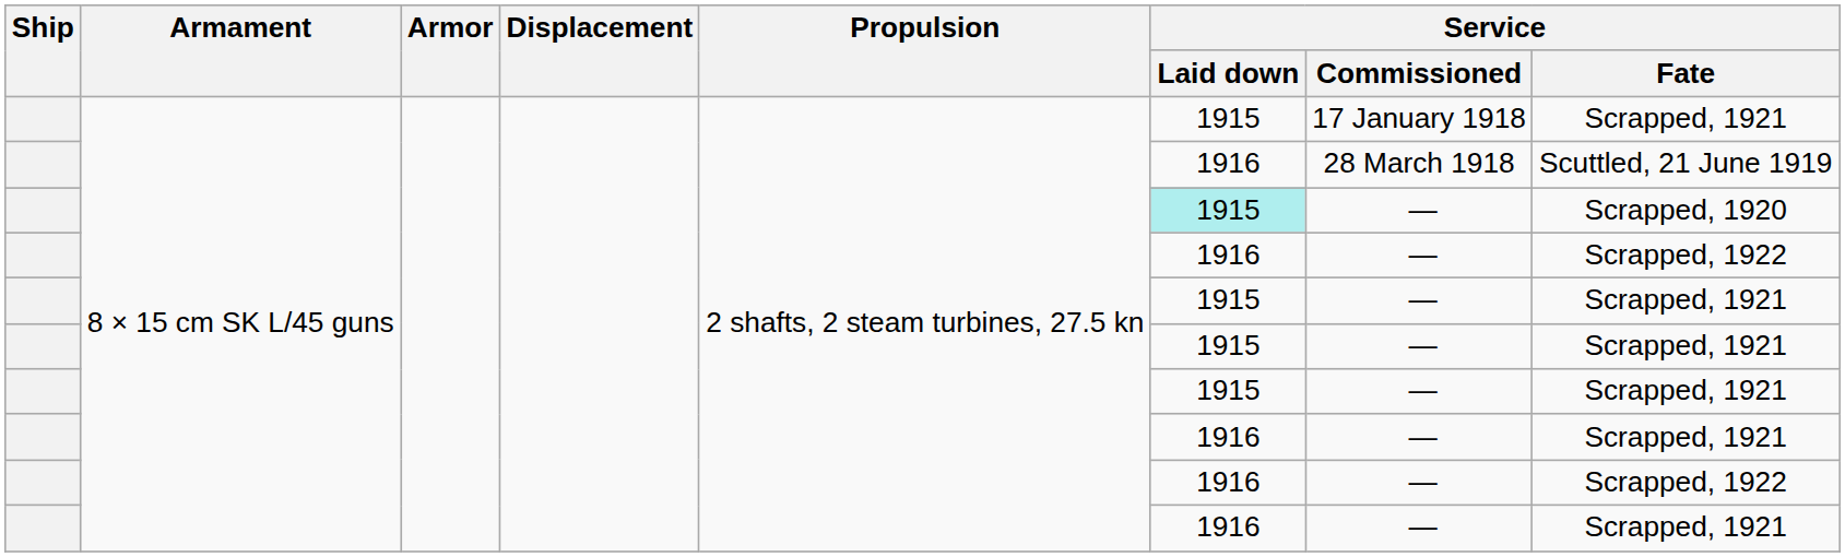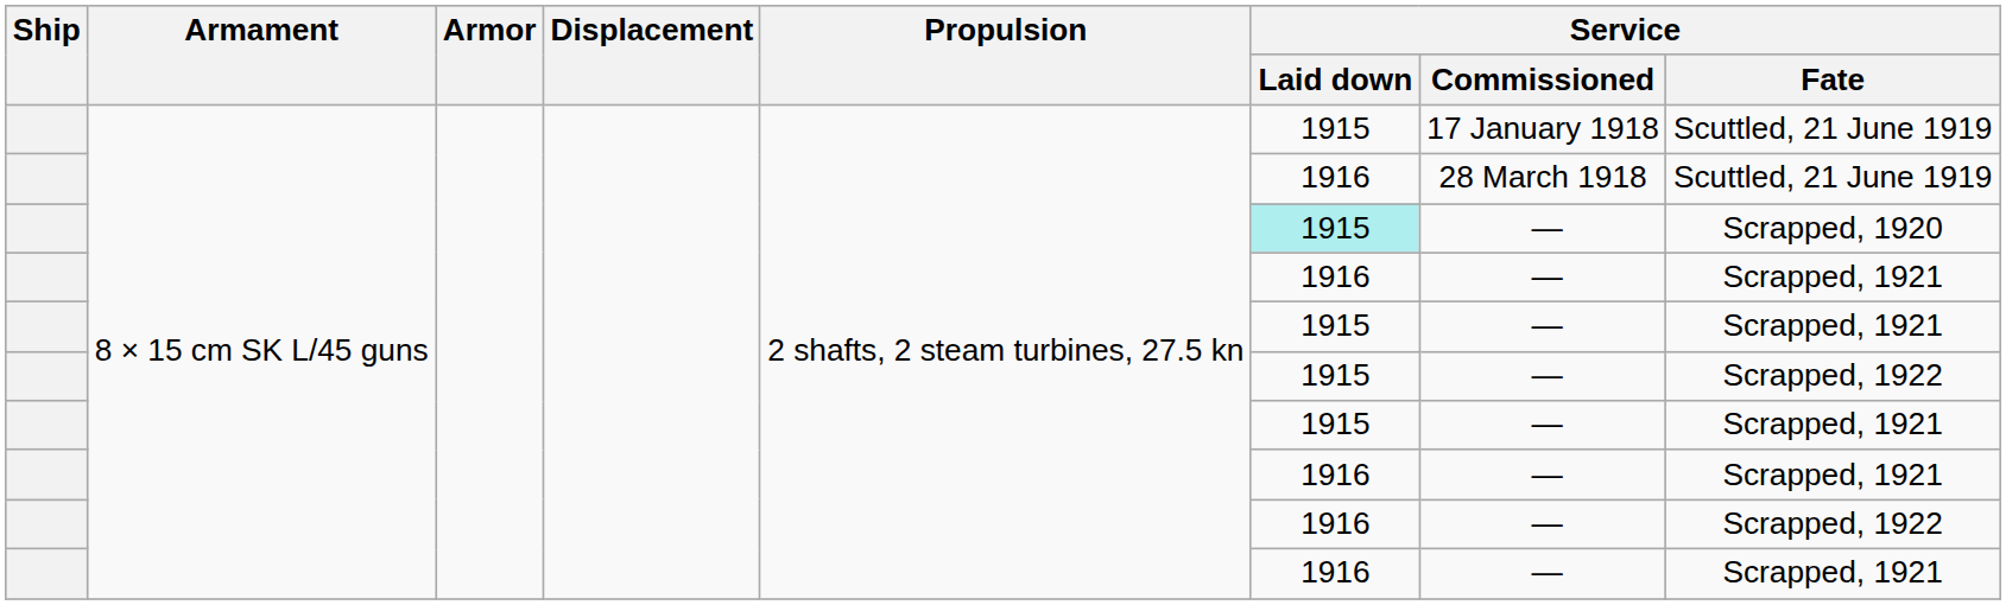 <table class="wikitable plainrowheaders" style="text-align: center;">
 <tr valign="top">
 <th scope="col" rowspan="2">Ship</th>
 <th scope="col" rowspan="2">Armament</th>
 <th scope="col" rowspan="2">Armor</th>
 <th scope="col" rowspan="2">Displacement</th>
 <th scope="col" rowspan="2">Propulsion</th>
 <th scope="col" colspan="3">Service</th>
 </tr>
 <tr valign="top">
 <th scope="col">Laid down</th>
 <th scope="col">Commissioned</th>
 <th scope="col">Fate</th>
 </tr>
 <tr valign="center">
 <th scope="row"></th>
 <td rowspan="10">8 × 15 cm SK L/45 guns</td>
 <td rowspan="10"></td>
 <td rowspan="10"></td>
 <td rowspan="10">2 shafts, 2 steam turbines, 27.5 kn</td>
 <td>1915</td>
 <td>17 January 1918</td>
-<td>Scrapped, 1921</td>
+<td>Scuttled, 21 June 1919</td>
 </tr>
 <tr valign="center">
 <th scope="row"></th>
 <td>1916</td>
 <td>28 March 1918</td>
 <td>Scuttled, 21 June 1919</td>
 </tr>
 <tr valign="center">
 <th scope="row"></th>
 <td style="background: paleturquoise;">1915</td>
 <td> —</td>
 <td>Scrapped, 1920</td>
 </tr>
 <tr valign="center">
 <th scope="row"></th>
 <td>1916</td>
 <td> —</td>
-<td>Scrapped, 1922</td>
+<td>Scrapped, 1921</td>
 </tr>
 <tr valign="center">
 <th scope="row"></th>
 <td>1915</td>
 <td> —</td>
 <td>Scrapped, 1921</td>
 </tr>
 <tr valign="center">
 <th scope="row"></th>
 <td>1915</td>
 <td> —</td>
-<td>Scrapped, 1921</td>
+<td>Scrapped, 1922</td>
 </tr>
 <tr valign="center">
 <th scope="row"></th>
 <td>1915</td>
 <td> —</td>
 <td>Scrapped, 1921</td>
 </tr>
 <tr valign="center">
 <th scope="row"></th>
 <td>1916</td>
 <td> —</td>
 <td>Scrapped, 1921</td>
 </tr>
 <tr valign="center">
 <th scope="row"></th>
 <td>1916</td>
 <td> —</td>
 <td>Scrapped, 1922</td>
 </tr>
 <tr valign="center">
 <th scope="row"></th>
 <td>1916</td>
 <td> —</td>
 <td>Scrapped, 1921</td>
 </tr>
 </table>
